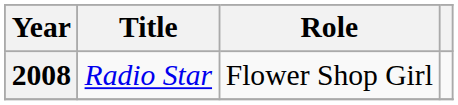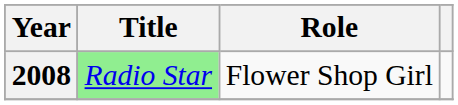 <table class="wikitable plainrowheaders">
 <tr>
 <th scope="col">Year</th>
 <th scope="col">Title</th>
 <th scope="col">Role</th>
 <th scope="col"></th>
 </tr>
 <tr>
 <th scope="row">2008</th>
-<td><em><a href='#'>Radio Star</a></em></td>
+<td style="background: lightgreen;"><em><a href='#'>Radio Star</a></em></td>
 <td>Flower Shop Girl</td>
 <td style="text-align:center"></td>
 </tr>
 <tr>
 </tr>
 </table>
